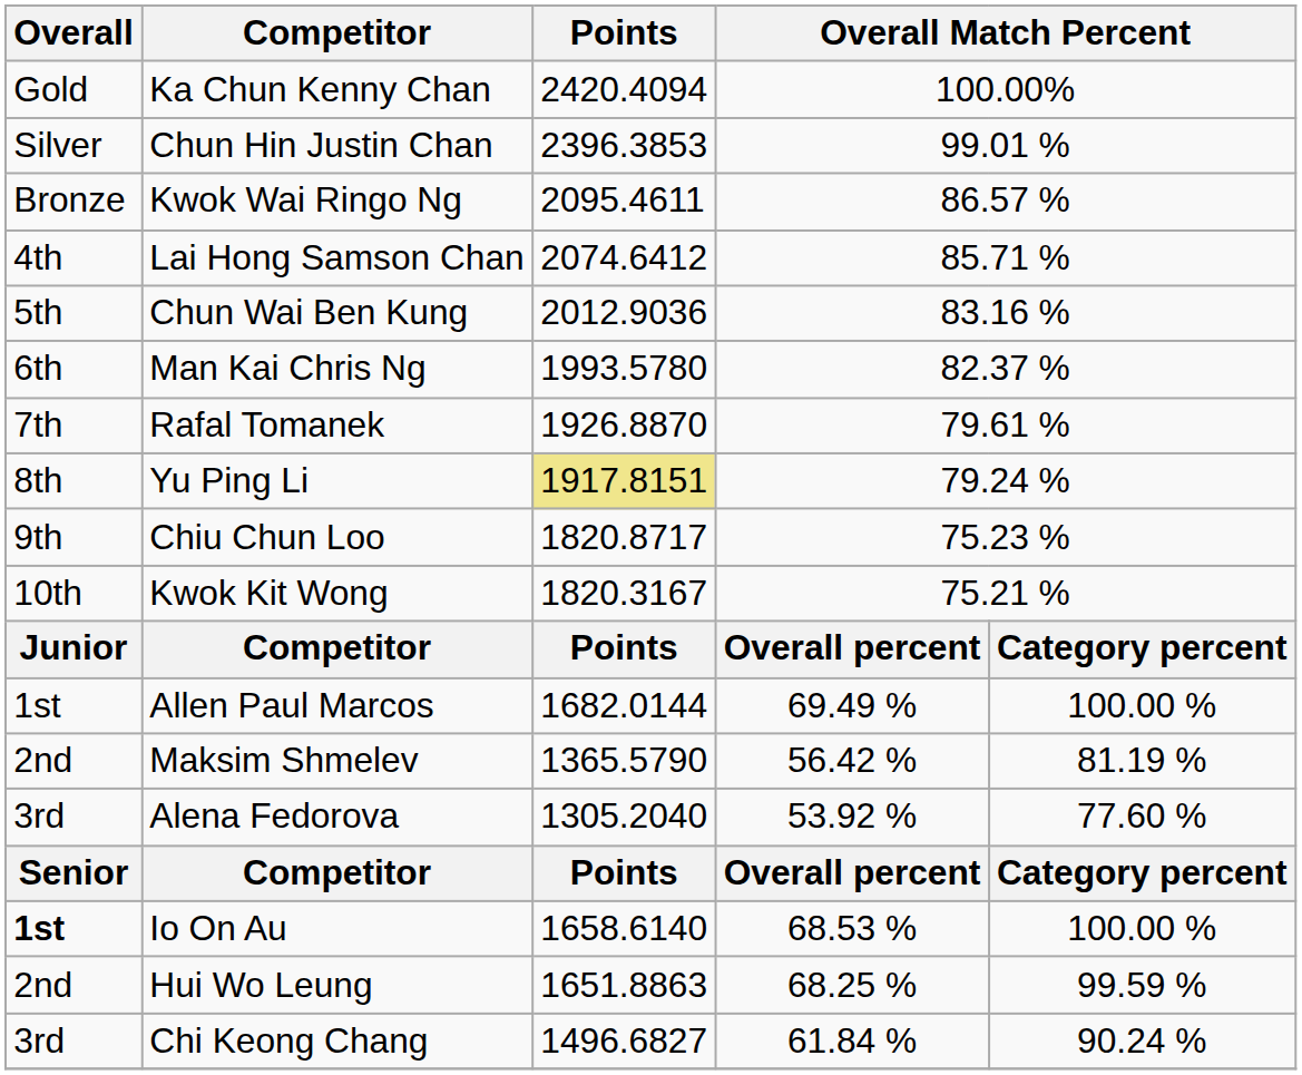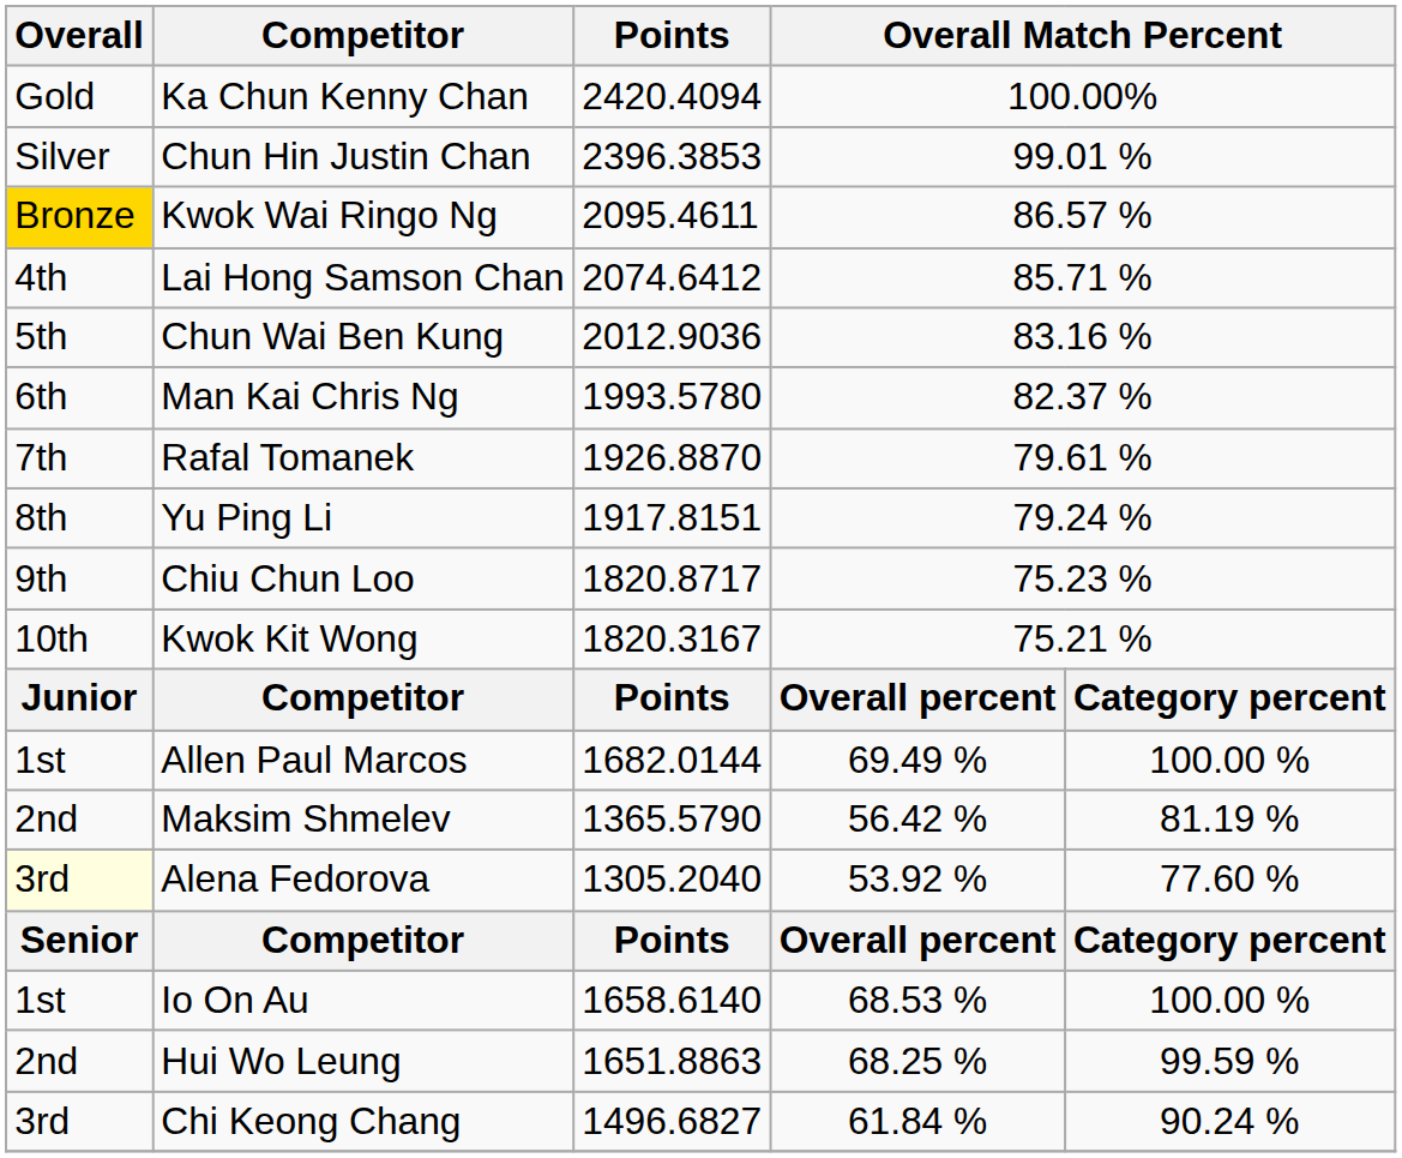 <table class="wikitable" style="text-align: left;">
 <tr>
 <th>Overall</th>
 <th>Competitor</th>
 <th>Points</th>
 <th colspan="2">Overall Match Percent</th>
 </tr>
 <tr>
 <td> Gold</td>
 <td> Ka Chun Kenny Chan</td>
 <td>2420.4094</td>
 <td colspan="2" style="text-align: center;">100.00%</td>
 </tr>
 <tr>
 <td> Silver</td>
 <td> Chun Hin Justin Chan</td>
 <td>2396.3853</td>
 <td colspan="2" style="text-align: center;">99.01 %</td>
 </tr>
 <tr>
-<td> Bronze</td>
+<td style="background: gold;"> Bronze</td>
 <td> Kwok Wai Ringo Ng</td>
 <td>2095.4611</td>
 <td colspan="2" style="text-align: center;">86.57 %</td>
 </tr>
 <tr>
 <td>4th</td>
 <td> Lai Hong Samson Chan</td>
 <td>2074.6412</td>
 <td colspan="2" style="text-align: center;">85.71 %</td>
 </tr>
 <tr>
 <td>5th</td>
 <td> Chun Wai Ben Kung</td>
 <td>2012.9036</td>
 <td colspan="2" style="text-align: center;">83.16 %</td>
 </tr>
 <tr>
 <td>6th</td>
 <td> Man Kai Chris Ng</td>
 <td>1993.5780</td>
 <td colspan="2" style="text-align: center;">82.37 %</td>
 </tr>
 <tr>
 <td>7th</td>
 <td> Rafal Tomanek</td>
 <td>1926.8870</td>
 <td colspan="2" style="text-align: center;">79.61 %</td>
 </tr>
 <tr>
 <td>8th</td>
 <td> Yu Ping Li</td>
-<td style="background: khaki;">1917.8151</td>
+<td>1917.8151</td>
 <td colspan="2" style="text-align: center;">79.24 %</td>
 </tr>
 <tr>
 <td>9th</td>
 <td> Chiu Chun Loo</td>
 <td>1820.8717</td>
 <td colspan="2" style="text-align: center;">75.23 %</td>
 </tr>
 <tr>
 <td>10th</td>
 <td> Kwok Kit Wong</td>
 <td>1820.3167</td>
 <td colspan="2" style="text-align: center;">75.21 %</td>
 </tr>
 <tr>
 <th>Junior</th>
 <th>Competitor</th>
 <th>Points</th>
 <th>Overall percent</th>
 <th>Category percent</th>
 </tr>
 <tr>
 <td>1st</td>
 <td> Allen Paul Marcos</td>
 <td>1682.0144</td>
 <td style="text-align: center;">69.49 %</td>
 <td style="text-align: center;">100.00 %</td>
 </tr>
 <tr>
 <td>2nd</td>
 <td> Maksim Shmelev</td>
 <td>1365.5790</td>
 <td style="text-align: center;">56.42 %</td>
 <td style="text-align: center;">81.19 %</td>
 </tr>
 <tr>
-<td>3rd</td>
+<td style="background: lightyellow;">3rd</td>
 <td> Alena Fedorova</td>
 <td>1305.2040</td>
 <td style="text-align: center;">53.92 %</td>
 <td style="text-align: center;">77.60 %</td>
 </tr>
 <tr>
 <th>Senior</th>
 <th>Competitor</th>
 <th>Points</th>
 <th>Overall percent</th>
 <th>Category percent</th>
 </tr>
 <tr>
-<td><strong>1st</strong></td>
+<td>1st</td>
 <td> Io On Au</td>
 <td>1658.6140</td>
 <td style="text-align: center;">68.53 %</td>
 <td style="text-align: center;">100.00 %</td>
 </tr>
 <tr>
 <td>2nd</td>
 <td> Hui Wo Leung</td>
 <td>1651.8863</td>
 <td style="text-align: center;">68.25 %</td>
 <td style="text-align: center;">99.59 %</td>
 </tr>
 <tr>
 <td>3rd</td>
 <td> Chi Keong Chang</td>
 <td>1496.6827</td>
 <td style="text-align: center;">61.84 %</td>
 <td style="text-align: center;">90.24 %</td>
 </tr>
 <tr>
 </tr>
 </table>
